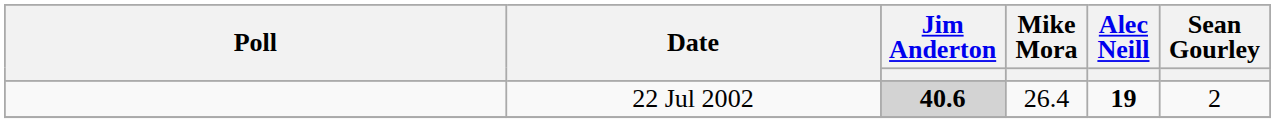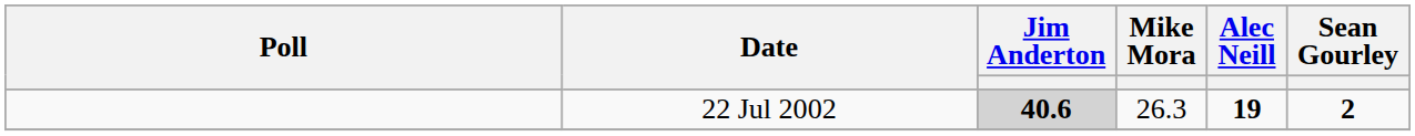 <table class="wikitable sortable" style="width:700px;font-size:90%;line-height:14px;text-align:center;">
 <tr>
 <th style="width:270px;" rowspan="2">Poll</th>
 <th style="width:200px;" rowspan="2">Date</th>
 <th><a href='#'>Jim Anderton</a></th>
 <th>Mike Mora</th>
 <th><a href='#'>Alec Neill</a></th>
 <th>Sean Gourley</th>
 </tr>
 <tr>
 <th class="unsortable" style="color:inherit;background:"></th>
 <th class="unsortable" style="color:inherit;background:"></th>
 <th class="unsortable" style="color:inherit;background:"></th>
 <th class="unsortable" style="color:inherit;background:"></th>
 </tr>
 <tr>
 <td></td>
 <td data-sort-value="2002-07-22">22 Jul 2002</td>
 <td style="background:lightgray"><strong>40.6</strong></td>
-<td>26.4</td>
+<td>26.3</td>
 <td><strong>19</strong></td>
-<td>2</td>
+<td><strong>2</strong></td>
 </tr>
 <tr>
 </tr>
 </table>
